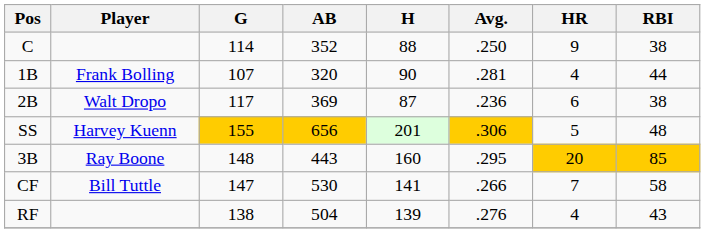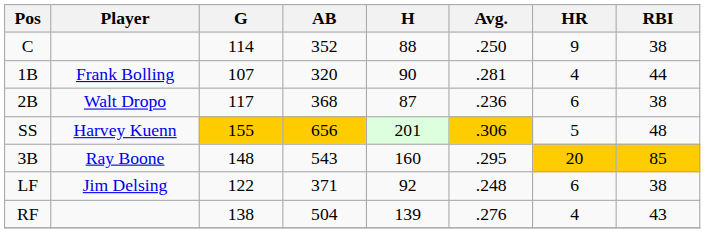 <table class="wikitable sortable">
 <tr>
 <th bgcolor="#DDDDFF" width="5%">Pos</th>
 <th bgcolor="#DDDDFF" width="16%">Player</th>
 <th bgcolor="#DDDDFF" width="9%">G</th>
 <th bgcolor="#DDDDFF" width="9%">AB</th>
 <th bgcolor="#DDDDFF" width="9%">H</th>
 <th bgcolor="#DDDDFF" width="9%">Avg.</th>
 <th bgcolor="#DDDDFF" width="9%">HR</th>
 <th bgcolor="#DDDDFF" width="9%">RBI</th>
 </tr>
 <tr align="center">
 <td>C</td>
 <td></td>
 <td>114</td>
 <td>352</td>
 <td>88</td>
 <td>.250</td>
 <td>9</td>
 <td>38</td>
 </tr>
 <tr align="center">
 <td>1B</td>
 <td><a href='#'>Frank Bolling</a></td>
 <td>107</td>
 <td>320</td>
 <td>90</td>
 <td>.281</td>
 <td>4</td>
 <td>44</td>
 </tr>
 <tr align=center>
 <td>2B</td>
 <td><a href='#'>Walt Dropo</a></td>
 <td>117</td>
-<td>369</td>
+<td>368</td>
 <td>87</td>
 <td>.236</td>
 <td>6</td>
 <td>38</td>
 </tr>
 <tr align=center>
 <td>SS</td>
 <td><a href='#'>Harvey Kuenn</a></td>
 <td style="background:#fc0;">155</td>
 <td style="background:#fc0;">656</td>
 <td style="background:#DDFFDD;">201</td>
 <td style="background:#fc0;">.306</td>
 <td>5</td>
 <td>48</td>
 </tr>
 <tr align=center>
 <td>3B</td>
 <td><a href='#'>Ray Boone</a></td>
 <td>148</td>
-<td>443</td>
+<td>543</td>
 <td>160</td>
 <td>.295</td>
 <td style="background:#fc0;">20</td>
 <td style="background:#fc0;">85</td>
 </tr>
 <tr align=center>
-<td>CF</td>
-<td><a href='#'>Bill Tuttle</a></td>
-<td>147</td>
-<td>530</td>
-<td>141</td>
-<td>.266</td>
-<td>7</td>
-<td>58</td>
+<td>LF</td>
+<td><a href='#'>Jim Delsing</a></td>
+<td>122</td>
+<td>371</td>
+<td>92</td>
+<td>.248</td>
+<td>6</td>
+<td>38</td>
 </tr>
 <tr align=center>
 <td>RF</td>
 <td></td>
 <td>138</td>
 <td>504</td>
 <td>139</td>
 <td>.276</td>
 <td>4</td>
 <td>43</td>
 </tr>
 <tr align="center">
 </tr>
 </table>
